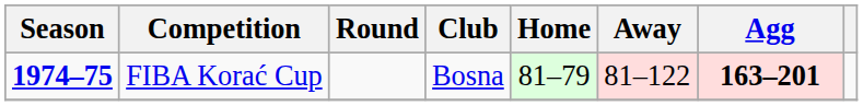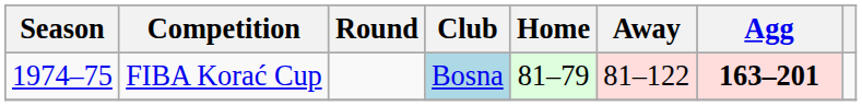 <table class="wikitable mw-collapsible" style="font-size:95%;">
 <tr>
 <th>Season</th>
 <th>Competition</th>
 <th>Round</th>
 <th>Club</th>
 <th>Home</th>
 <th>Away</th>
 <th width="70"><a href='#'>Agg</a></th>
 <th></th>
 </tr>
 <tr>
-<td rowspan="1"><strong><a href='#'>1974–75</a></strong></td>
+<td rowspan="1"><a href='#'>1974–75</a></td>
 <td rowspan="1"><a href='#'>FIBA Korać Cup</a></td>
 <td></td>
-<td> <a href='#'>Bosna</a></td>
+<td style="background: lightblue;"> <a href='#'>Bosna</a></td>
 <td style="text-align:center;" bgcolor=#dfd>81–79</td>
 <td style="text-align:center;" bgcolor=#fdd>81–122</td>
 <td style="text-align:center;" bgcolor=#fdd><strong>163–201</strong></td>
 <td></td>
 </tr>
 <tr>
 </tr>
 </table>
